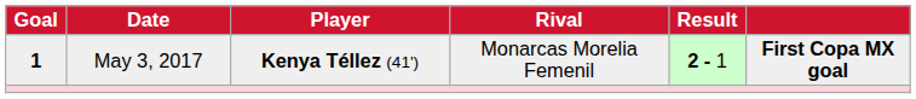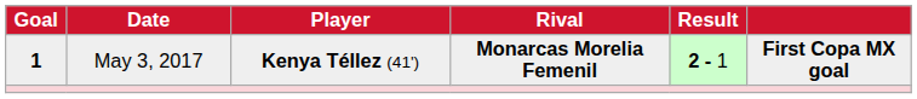 <table align=center border=1 width=100% cellpadding="2" cellspacing="0" style="background: #f9f9f9; border: 1px #aaa solid; border-collapse: collapse; font-size: 85%; text-align: center;">
 <tr style="color:White; background:#cf142d">
 <th width="5%">Goal</th>
 <th width="15%">Date</th>
 <th width="20%">Player</th>
 <th width="20%">Rival</th>
 <th width="5%">Result</th>
 <th width="15%"></th>
 </tr>
 <tr bgcolor="#EFEFEF" align="center">
 <td><strong>1</strong></td>
 <td>May 3, 2017</td>
 <td><strong> Kenya Téllez</strong> <small>(41')</small></td>
-<td>Monarcas Morelia Femenil</td>
+<td><strong>Monarcas Morelia Femenil</strong></td>
 <td bgcolor="#CCFFCC"><strong>2</strong> <strong>-</strong> 1</td>
 <td><strong>First Copa MX goal</strong></td>
 </tr>
 <tr align="center" style="background:#fbd4d9">
 <td colspan="6"></td>
 </tr>
 </table>
